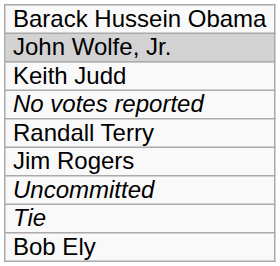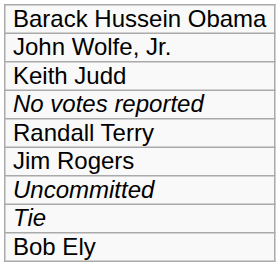 <table class="wikitable">
 <tr>
 <td style="padding: 0 5px;"> Barack Hussein Obama</td>
 </tr>
 <tr>
-<td style="background: lightgrey; padding: 0 5px;"> John Wolfe, Jr.</td>
+<td style="padding: 0 5px;"> John Wolfe, Jr.</td>
 </tr>
 <tr>
 <td style="padding: 0 5px;"> Keith Judd</td>
 </tr>
 <tr>
 <td style="padding: 0 5px;"> <em>No votes reported</em></td>
 </tr>
 <tr>
 <td style="padding: 0 5px;"> Randall Terry</td>
 </tr>
 <tr>
 <td style="padding: 0 5px;"> Jim Rogers</td>
 </tr>
 <tr>
 <td style="padding: 0 5px;"> <em>Uncommitted</em></td>
 </tr>
 <tr>
 <td style="padding: 0 5px;"> <em>Tie</em></td>
 </tr>
 <tr>
 <td style="padding: 0 5px;"> Bob Ely</td>
 </tr>
 </table>
